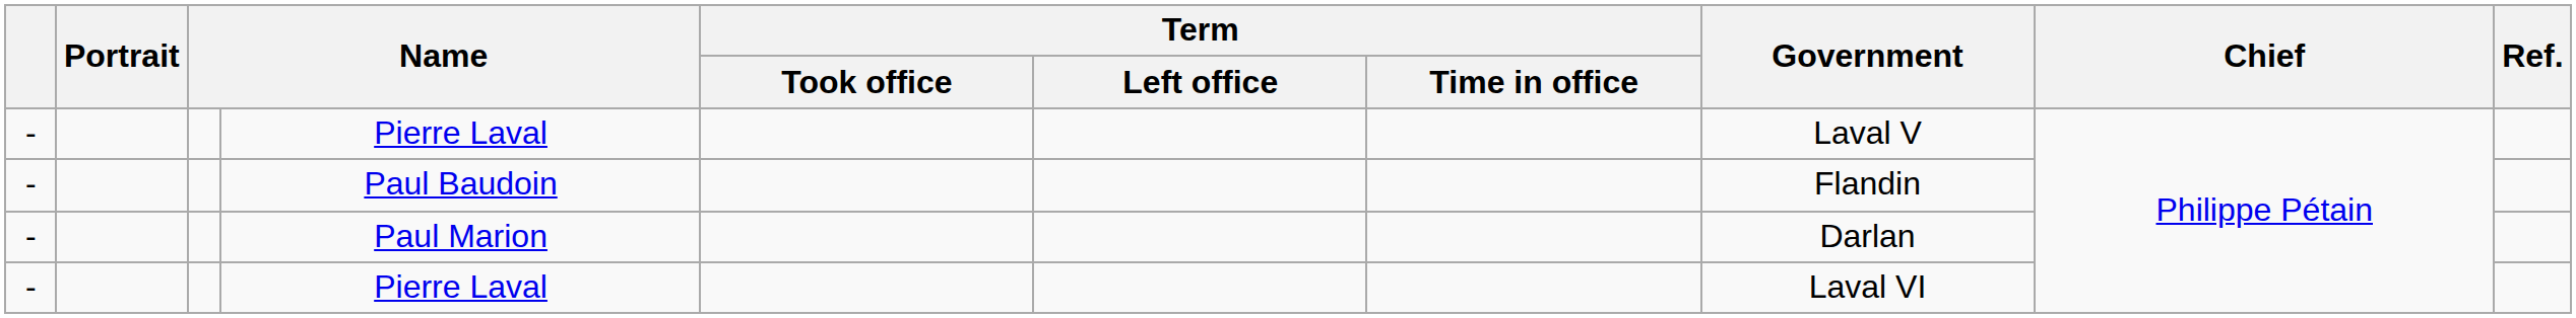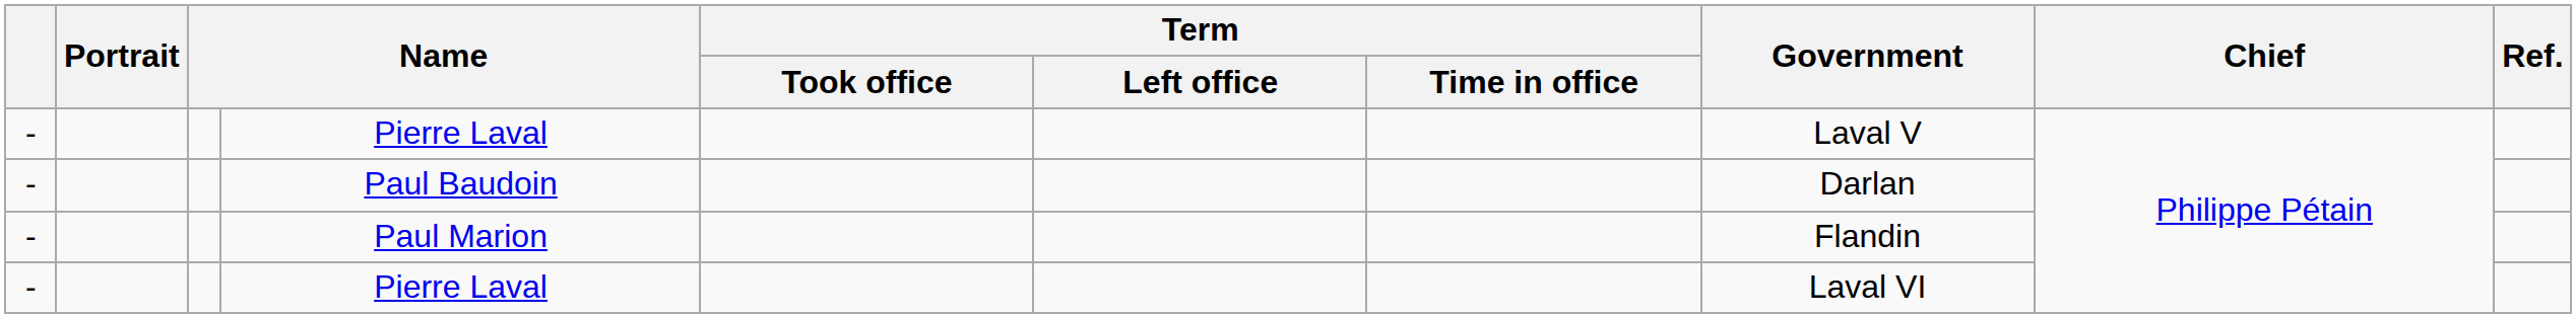 <table class="wikitable" style="text-align:center; width:100%">
 <tr>
 <th style="width:2%" rowspan=2></th>
 <th style="width:5%" rowspan=2>Portrait</th>
 <th style="width:20%" rowspan=2, colspan=2>Name</th>
 <th colspan=3>Term</th>
 <th style="width:13%" rowspan=2>Government</th>
 <th rowspan=2>Chief</th>
 <th style="width:2%" rowspan=2>Ref.</th>
 </tr>
 <tr>
 <th style="width:13%">Took office</th>
 <th style="width:13%">Left office</th>
 <th style="width:13%">Time in office</th>
 </tr>
 <tr>
 <td>-</td>
 <td></td>
 <td style="background:"></td>
 <td><a href='#'>Pierre Laval</a></td>
 <td></td>
 <td></td>
 <td></td>
 <td>Laval V</td>
 <td rowspan=4><a href='#'>Philippe Pétain</a></td>
 <td></td>
 </tr>
 <tr>
 <td>-</td>
 <td></td>
 <td style="background:"></td>
 <td><a href='#'>Paul Baudoin</a></td>
 <td></td>
 <td></td>
 <td></td>
-<td>Flandin</td>
+<td>Darlan</td>
 <td></td>
 </tr>
 <tr>
 <td>-</td>
 <td></td>
 <td style="background:"></td>
 <td><a href='#'>Paul Marion</a></td>
 <td></td>
 <td></td>
 <td></td>
-<td>Darlan</td>
+<td>Flandin</td>
 <td></td>
 </tr>
 <tr>
 <td>-</td>
 <td></td>
 <td style="background:"></td>
 <td><a href='#'>Pierre Laval</a></td>
 <td></td>
 <td></td>
 <td></td>
 <td>Laval VI</td>
 <td></td>
 </tr>
 </table>
